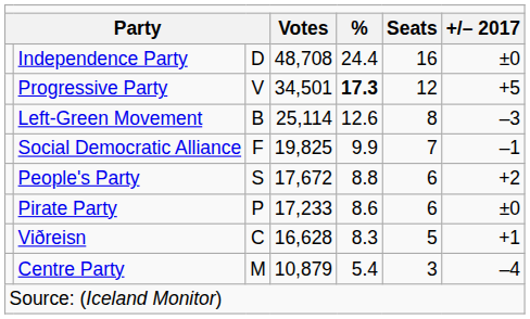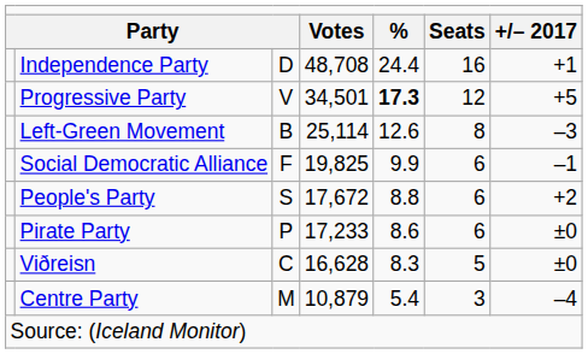 <table class=wikitable style=text-align:right>
 <tr>
 <td colspan=7 align=center></td>
 </tr>
 <tr>
 <th colspan="3">Party</th>
 <th>Votes</th>
 <th>%</th>
 <th>Seats</th>
 <th>+/– 2017</th>
 </tr>
 <tr>
 <td style="background:"></td>
 <td style="text-align:left;"><a href='#'>Independence Party</a></td>
 <td style="text-align:center;">D</td>
 <td>48,708</td>
 <td>24.4</td>
 <td>16</td>
-<td>±0</td>
+<td>+1</td>
 </tr>
 <tr>
 <td style="background:"></td>
 <td style="text-align:left;"><a href='#'>Progressive Party</a></td>
 <td style="text-align:center;">V</td>
 <td>34,501</td>
 <td><strong>17.3</strong></td>
 <td>12</td>
 <td>+5</td>
 </tr>
 <tr>
 <td style="background:"></td>
 <td style="text-align:left;"><a href='#'>Left-Green Movement</a></td>
 <td style="text-align:center;">B</td>
 <td>25,114</td>
 <td>12.6</td>
 <td>8</td>
 <td>–3</td>
 </tr>
 <tr>
 <td style="background:"></td>
 <td style="text-align:left;"><a href='#'>Social Democratic Alliance</a></td>
 <td style="text-align:center;">F</td>
 <td>19,825</td>
 <td>9.9</td>
-<td>7</td>
+<td>6</td>
 <td>–1</td>
 </tr>
 <tr>
 <td bgcolor=></td>
 <td style="text-align:left;"><a href='#'>People's Party</a></td>
 <td style="text-align:center;">S</td>
 <td>17,672</td>
 <td>8.8</td>
 <td>6</td>
 <td>+2</td>
 </tr>
 <tr>
 <td style="background:"></td>
 <td style="text-align:left;"><a href='#'>Pirate Party</a></td>
 <td style="text-align:center;">P</td>
 <td>17,233</td>
 <td>8.6</td>
 <td>6</td>
 <td>±0</td>
 </tr>
 <tr>
 <td style="background:"></td>
 <td style="text-align:left;"><a href='#'>Viðreisn</a></td>
 <td style="text-align:center;">C</td>
 <td>16,628</td>
 <td>8.3</td>
 <td>5</td>
-<td>+1</td>
+<td>±0</td>
 </tr>
 <tr>
 <td style="background:"></td>
 <td style="text-align:left;"><a href='#'>Centre Party</a></td>
 <td style="text-align:center;">M</td>
 <td>10,879</td>
 <td>5.4</td>
 <td>3</td>
 <td>–4</td>
 </tr>
 <tr>
 <td align=left colspan="11">Source: (<em>Iceland Monitor</em>)</td>
 </tr>
 </table>
